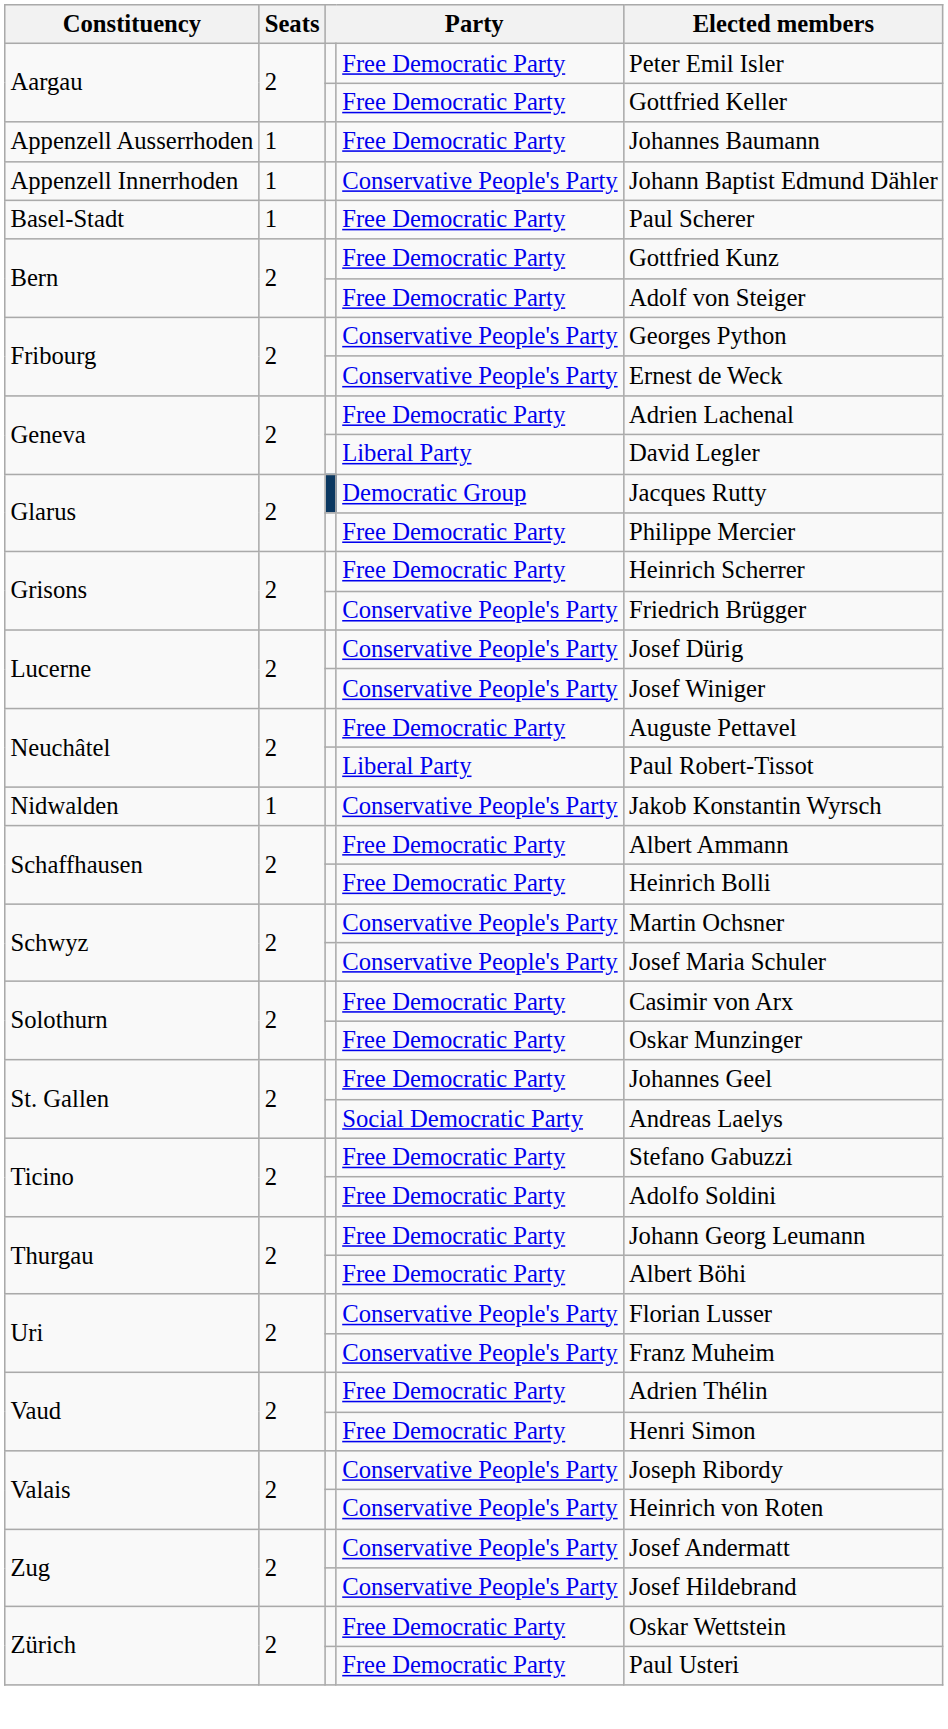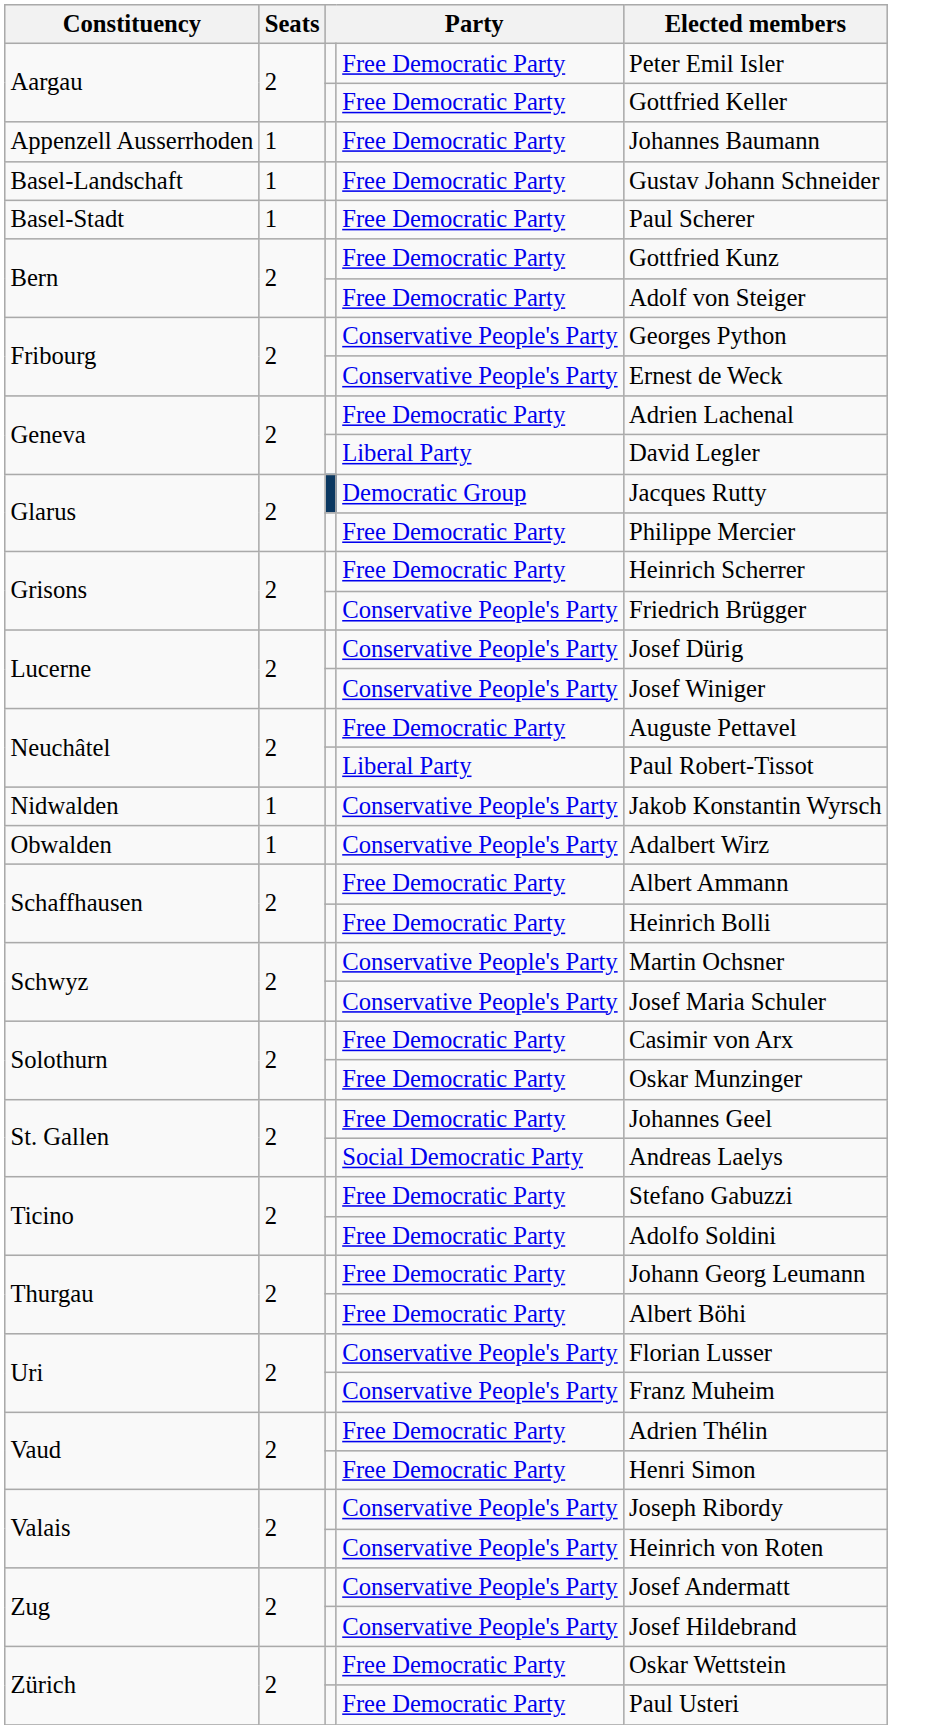 <table class="wikitable">
 <tr>
 <th>Constituency</th>
 <th>Seats</th>
 <th colspan="2">Party</th>
 <th>Elected members</th>
 </tr>
 <tr>
 <td rowspan="2">Aargau</td>
 <td rowspan="2">2</td>
 <td style="color:inherit;background:"></td>
 <td><a href='#'>Free Democratic Party</a></td>
 <td>Peter Emil Isler</td>
 </tr>
 <tr>
 <td style="color:inherit;background:"></td>
 <td><a href='#'>Free Democratic Party</a></td>
 <td>Gottfried Keller</td>
 </tr>
 <tr>
 <td>Appenzell Ausserrhoden</td>
 <td>1</td>
 <td style="color:inherit;background:"></td>
 <td><a href='#'>Free Democratic Party</a></td>
 <td>Johannes Baumann</td>
 </tr>
 <tr>
-<td>Appenzell Innerrhoden</td>
+<td>Basel-Landschaft</td>
 <td>1</td>
 <td style="color:inherit;background:"></td>
-<td><a href='#'>Conservative People's Party</a></td>
-<td>Johann Baptist Edmund Dähler</td>
+<td><a href='#'>Free Democratic Party</a></td>
+<td>Gustav Johann Schneider</td>
 </tr>
 <tr>
 <td>Basel-Stadt</td>
 <td>1</td>
 <td style="color:inherit;background:"></td>
 <td><a href='#'>Free Democratic Party</a></td>
 <td>Paul Scherer</td>
 </tr>
 <tr>
 <td rowspan="2">Bern</td>
 <td rowspan="2">2</td>
 <td style="color:inherit;background:"></td>
 <td><a href='#'>Free Democratic Party</a></td>
 <td>Gottfried Kunz</td>
 </tr>
 <tr>
 <td style="color:inherit;background:"></td>
 <td><a href='#'>Free Democratic Party</a></td>
 <td>Adolf von Steiger</td>
 </tr>
 <tr>
 <td rowspan="2">Fribourg</td>
 <td rowspan="2">2</td>
 <td style="color:inherit;background:"></td>
 <td><a href='#'>Conservative People's Party</a></td>
 <td>Georges Python</td>
 </tr>
 <tr>
 <td style="color:inherit;background:"></td>
 <td><a href='#'>Conservative People's Party</a></td>
 <td>Ernest de Weck</td>
 </tr>
 <tr>
 <td rowspan="2">Geneva</td>
 <td rowspan="2">2</td>
 <td style="color:inherit;background:"></td>
 <td><a href='#'>Free Democratic Party</a></td>
 <td>Adrien Lachenal</td>
 </tr>
 <tr>
 <td style="color:inherit;background:"></td>
 <td><a href='#'>Liberal Party</a></td>
 <td>David Legler</td>
 </tr>
 <tr>
 <td rowspan="2">Glarus</td>
 <td rowspan="2">2</td>
 <td style="color:inherit;background:#0B3861"></td>
 <td><a href='#'>Democratic Group</a></td>
 <td>Jacques Rutty</td>
 </tr>
 <tr>
 <td style="color:inherit;background:"></td>
 <td><a href='#'>Free Democratic Party</a></td>
 <td>Philippe Mercier</td>
 </tr>
 <tr>
 <td rowspan="2">Grisons</td>
 <td rowspan="2">2</td>
 <td style="color:inherit;background:"></td>
 <td><a href='#'>Free Democratic Party</a></td>
 <td>Heinrich Scherrer</td>
 </tr>
 <tr>
 <td style="color:inherit;background:"></td>
 <td><a href='#'>Conservative People's Party</a></td>
 <td>Friedrich Brügger</td>
 </tr>
 <tr>
 <td rowspan="2">Lucerne</td>
 <td rowspan="2">2</td>
 <td style="color:inherit;background:"></td>
 <td><a href='#'>Conservative People's Party</a></td>
 <td>Josef Dürig</td>
 </tr>
 <tr>
 <td style="color:inherit;background:"></td>
 <td><a href='#'>Conservative People's Party</a></td>
 <td>Josef Winiger</td>
 </tr>
 <tr>
 <td rowspan="2">Neuchâtel</td>
 <td rowspan="2">2</td>
 <td style="color:inherit;background:"></td>
 <td><a href='#'>Free Democratic Party</a></td>
 <td>Auguste Pettavel</td>
 </tr>
 <tr>
 <td style="color:inherit;background:"></td>
 <td><a href='#'>Liberal Party</a></td>
 <td>Paul Robert-Tissot</td>
 </tr>
 <tr>
 <td>Nidwalden</td>
 <td>1</td>
 <td style="color:inherit;background:"></td>
 <td><a href='#'>Conservative People's Party</a></td>
 <td>Jakob Konstantin Wyrsch</td>
+</tr>
+<tr>
+<td>Obwalden</td>
+<td>1</td>
+<td style="color:inherit;background:"></td>
+<td><a href='#'>Conservative People's Party</a></td>
+<td>Adalbert Wirz</td>
 </tr>
 <tr>
 <td rowspan="2">Schaffhausen</td>
 <td rowspan="2">2</td>
 <td style="color:inherit;background:"></td>
 <td><a href='#'>Free Democratic Party</a></td>
 <td>Albert Ammann</td>
 </tr>
 <tr>
 <td style="color:inherit;background:"></td>
 <td><a href='#'>Free Democratic Party</a></td>
 <td>Heinrich Bolli</td>
 </tr>
 <tr>
 <td rowspan="2">Schwyz</td>
 <td rowspan="2">2</td>
 <td style="color:inherit;background:"></td>
 <td><a href='#'>Conservative People's Party</a></td>
 <td>Martin Ochsner</td>
 </tr>
 <tr>
 <td style="color:inherit;background:"></td>
 <td><a href='#'>Conservative People's Party</a></td>
 <td>Josef Maria Schuler</td>
 </tr>
 <tr>
 <td rowspan="2">Solothurn</td>
 <td rowspan="2">2</td>
 <td style="color:inherit;background:"></td>
 <td><a href='#'>Free Democratic Party</a></td>
 <td>Casimir von Arx</td>
 </tr>
 <tr>
 <td style="color:inherit;background:"></td>
 <td><a href='#'>Free Democratic Party</a></td>
 <td>Oskar Munzinger</td>
 </tr>
 <tr>
 <td rowspan="2">St. Gallen</td>
 <td rowspan="2">2</td>
 <td style="color:inherit;background:"></td>
 <td><a href='#'>Free Democratic Party</a></td>
 <td>Johannes Geel</td>
 </tr>
 <tr>
 <td style="color:inherit;background:"></td>
 <td><a href='#'>Social Democratic Party</a></td>
 <td>Andreas Laelys</td>
 </tr>
 <tr>
 <td rowspan="2">Ticino</td>
 <td rowspan="2">2</td>
 <td style="color:inherit;background:"></td>
 <td><a href='#'>Free Democratic Party</a></td>
 <td>Stefano Gabuzzi</td>
 </tr>
 <tr>
 <td style="color:inherit;background:"></td>
 <td><a href='#'>Free Democratic Party</a></td>
 <td>Adolfo Soldini</td>
 </tr>
 <tr>
 <td rowspan="2">Thurgau</td>
 <td rowspan="2">2</td>
 <td style="color:inherit;background:"></td>
 <td><a href='#'>Free Democratic Party</a></td>
 <td>Johann Georg Leumann</td>
 </tr>
 <tr>
 <td style="color:inherit;background:"></td>
 <td><a href='#'>Free Democratic Party</a></td>
 <td>Albert Böhi</td>
 </tr>
 <tr>
 <td rowspan="2">Uri</td>
 <td rowspan="2">2</td>
 <td style="color:inherit;background:"></td>
 <td><a href='#'>Conservative People's Party</a></td>
 <td>Florian Lusser</td>
 </tr>
 <tr>
 <td style="color:inherit;background:"></td>
 <td><a href='#'>Conservative People's Party</a></td>
 <td>Franz Muheim</td>
 </tr>
 <tr>
 <td rowspan="2">Vaud</td>
 <td rowspan="2">2</td>
 <td style="color:inherit;background:"></td>
 <td><a href='#'>Free Democratic Party</a></td>
 <td>Adrien Thélin</td>
 </tr>
 <tr>
 <td style="color:inherit;background:"></td>
 <td><a href='#'>Free Democratic Party</a></td>
 <td>Henri Simon</td>
 </tr>
 <tr>
 <td rowspan="2">Valais</td>
 <td rowspan="2">2</td>
 <td style="color:inherit;background:"></td>
 <td><a href='#'>Conservative People's Party</a></td>
 <td>Joseph Ribordy</td>
 </tr>
 <tr>
 <td style="color:inherit;background:"></td>
 <td><a href='#'>Conservative People's Party</a></td>
 <td>Heinrich von Roten</td>
 </tr>
 <tr>
 <td rowspan="2">Zug</td>
 <td rowspan="2">2</td>
 <td style="color:inherit;background:"></td>
 <td><a href='#'>Conservative People's Party</a></td>
 <td>Josef Andermatt</td>
 </tr>
 <tr>
 <td style="color:inherit;background:"></td>
 <td><a href='#'>Conservative People's Party</a></td>
 <td>Josef Hildebrand</td>
 </tr>
 <tr>
 <td rowspan="2">Zürich</td>
 <td rowspan="2">2</td>
 <td style="color:inherit;background:"></td>
 <td><a href='#'>Free Democratic Party</a></td>
 <td>Oskar Wettstein</td>
 </tr>
 <tr>
 <td style="color:inherit;background:"></td>
 <td><a href='#'>Free Democratic Party</a></td>
 <td>Paul Usteri</td>
 </tr>
 </table>
